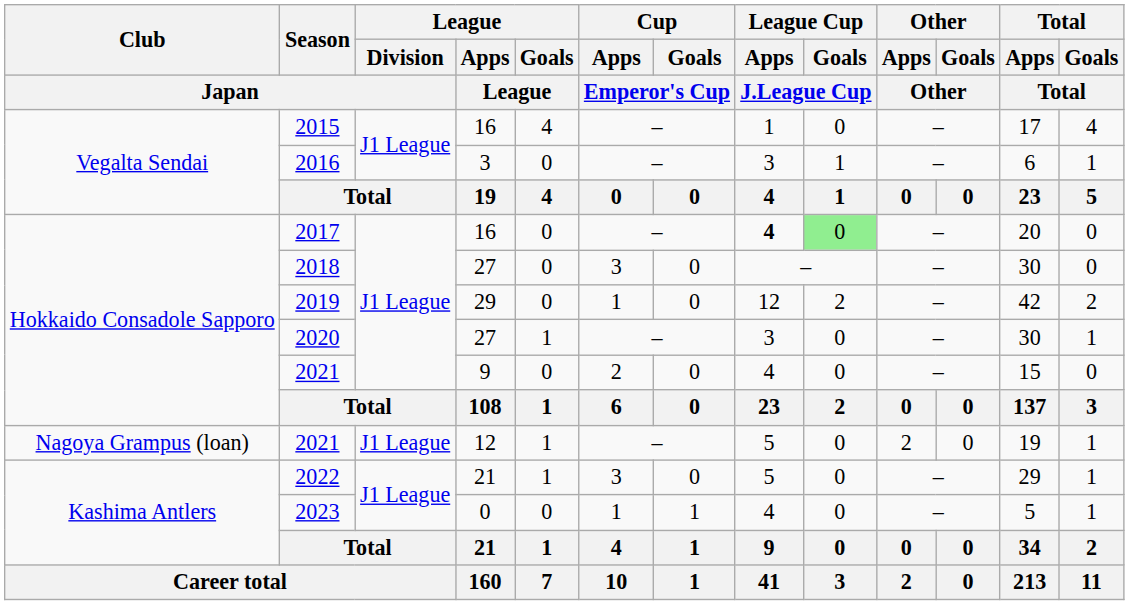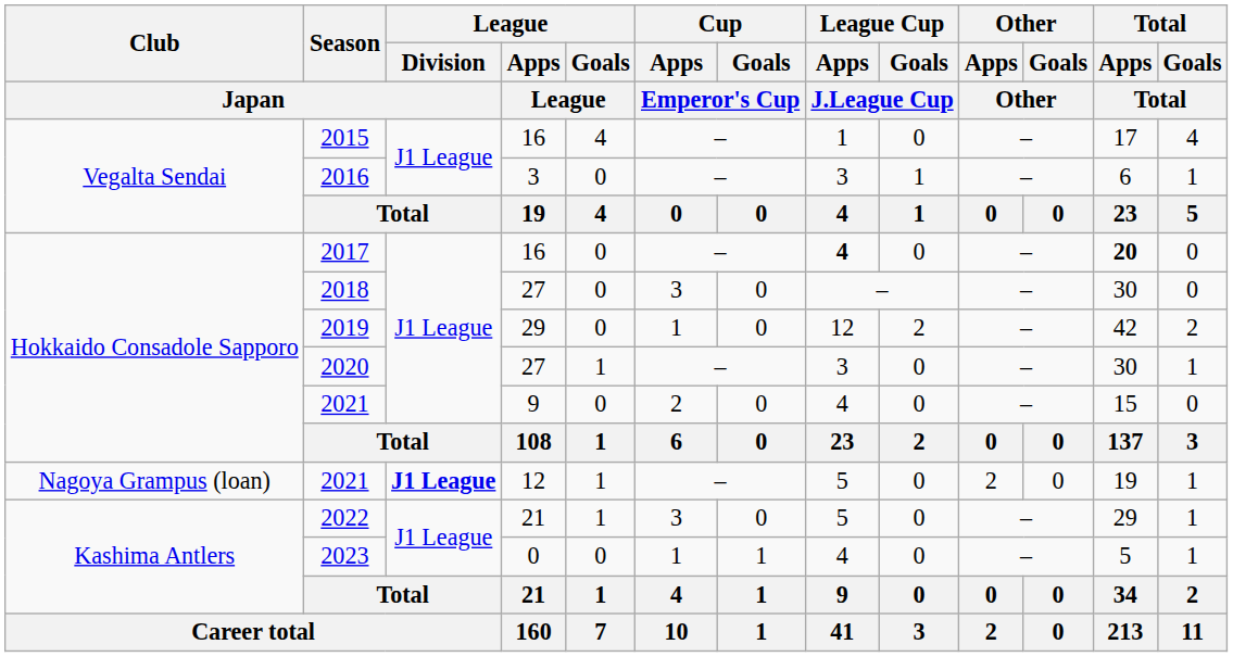 <table class="wikitable" style="text-align: center">
 <tr>
 <th rowspan="2">Club</th>
 <th rowspan="2">Season</th>
 <th colspan="3">League</th>
 <th colspan="2">Cup</th>
 <th colspan="2">League Cup</th>
 <th colspan="2">Other</th>
 <th colspan="2">Total</th>
 </tr>
 <tr>
 <th>Division</th>
 <th>Apps</th>
 <th>Goals</th>
 <th>Apps</th>
 <th>Goals</th>
 <th>Apps</th>
 <th>Goals</th>
 <th>Apps</th>
 <th>Goals</th>
 <th>Apps</th>
 <th>Goals</th>
 </tr>
 <tr>
 <th colspan=3>Japan</th>
 <th colspan=2>League</th>
 <th colspan=2><a href='#'>Emperor's Cup</a></th>
 <th colspan=2><a href='#'>J.League Cup</a></th>
 <th colspan=2>Other</th>
 <th colspan=2>Total</th>
 </tr>
 <tr>
 <td rowspan="3"><a href='#'>Vegalta Sendai</a></td>
 <td><a href='#'>2015</a></td>
 <td rowspan="2"><a href='#'>J1 League</a></td>
 <td>16</td>
 <td>4</td>
 <td colspan="2">–</td>
 <td>1</td>
 <td>0</td>
 <td colspan="2">–</td>
 <td>17</td>
 <td>4</td>
 </tr>
 <tr>
 <td><a href='#'>2016</a></td>
 <td>3</td>
 <td>0</td>
 <td colspan="2">–</td>
 <td>3</td>
 <td>1</td>
 <td colspan="2">–</td>
 <td>6</td>
 <td>1</td>
 </tr>
 <tr>
 <th colspan="2">Total</th>
 <th>19</th>
 <th>4</th>
 <th>0</th>
 <th>0</th>
 <th>4</th>
 <th>1</th>
 <th>0</th>
 <th>0</th>
 <th>23</th>
 <th>5</th>
 </tr>
 <tr>
 <td rowspan="6"><a href='#'>Hokkaido Consadole Sapporo</a></td>
 <td><a href='#'>2017</a></td>
 <td rowspan="5"><a href='#'>J1 League</a></td>
 <td>16</td>
 <td>0</td>
 <td colspan="2">–</td>
 <td><strong>4</strong></td>
-<td style="background: lightgreen;">0</td>
+<td>0</td>
 <td colspan="2">–</td>
-<td>20</td>
+<td><strong>20</strong></td>
 <td>0</td>
 </tr>
 <tr>
 <td><a href='#'>2018</a></td>
 <td>27</td>
 <td>0</td>
 <td>3</td>
 <td>0</td>
 <td colspan="2">–</td>
 <td colspan="2">–</td>
 <td>30</td>
 <td>0</td>
 </tr>
 <tr>
 <td><a href='#'>2019</a></td>
 <td>29</td>
 <td>0</td>
 <td>1</td>
 <td>0</td>
 <td>12</td>
 <td>2</td>
 <td colspan="2">–</td>
 <td>42</td>
 <td>2</td>
 </tr>
 <tr>
 <td><a href='#'>2020</a></td>
 <td>27</td>
 <td>1</td>
 <td colspan="2">–</td>
 <td>3</td>
 <td>0</td>
 <td colspan="2">–</td>
 <td>30</td>
 <td>1</td>
 </tr>
 <tr>
 <td><a href='#'>2021</a></td>
 <td>9</td>
 <td>0</td>
 <td>2</td>
 <td>0</td>
 <td>4</td>
 <td>0</td>
 <td colspan="2">–</td>
 <td>15</td>
 <td>0</td>
 </tr>
 <tr>
 <th colspan="2">Total</th>
 <th>108</th>
 <th>1</th>
 <th>6</th>
 <th>0</th>
 <th>23</th>
 <th>2</th>
 <th>0</th>
 <th>0</th>
 <th>137</th>
 <th>3</th>
 </tr>
 <tr>
 <td><a href='#'>Nagoya Grampus</a> (loan)</td>
 <td><a href='#'>2021</a></td>
-<td><a href='#'>J1 League</a></td>
+<td><strong><a href='#'>J1 League</a></strong></td>
 <td>12</td>
 <td>1</td>
 <td colspan="2">–</td>
 <td>5</td>
 <td>0</td>
 <td>2</td>
 <td>0</td>
 <td>19</td>
 <td>1</td>
 </tr>
 <tr>
 <td rowspan="3"><a href='#'>Kashima Antlers</a></td>
 <td><a href='#'>2022</a></td>
 <td rowspan="2"><a href='#'>J1 League</a></td>
 <td>21</td>
 <td>1</td>
 <td>3</td>
 <td>0</td>
 <td>5</td>
 <td>0</td>
 <td colspan="2">–</td>
 <td>29</td>
 <td>1</td>
 </tr>
 <tr>
 <td><a href='#'>2023</a></td>
 <td>0</td>
 <td>0</td>
 <td>1</td>
 <td>1</td>
 <td>4</td>
 <td>0</td>
 <td colspan="2">–</td>
 <td>5</td>
 <td>1</td>
 </tr>
 <tr>
 <th colspan="2">Total</th>
 <th>21</th>
 <th>1</th>
 <th>4</th>
 <th>1</th>
 <th>9</th>
 <th>0</th>
 <th>0</th>
 <th>0</th>
 <th>34</th>
 <th>2</th>
 </tr>
 <tr>
 <th colspan=3>Career total</th>
 <th>160</th>
 <th>7</th>
 <th>10</th>
 <th>1</th>
 <th>41</th>
 <th>3</th>
 <th>2</th>
 <th>0</th>
 <th>213</th>
 <th>11</th>
 </tr>
 </table>
